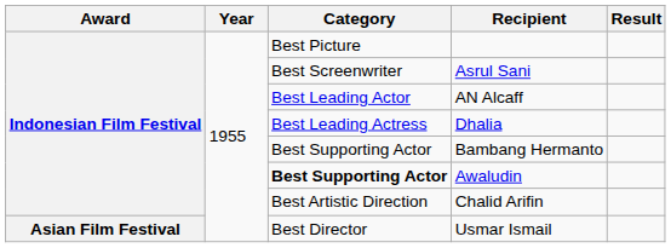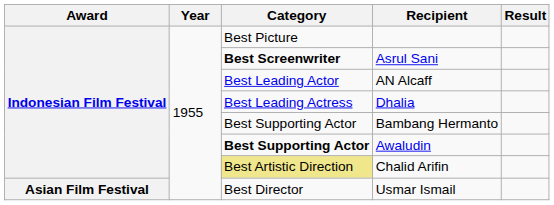 <table class="wikitable" style="font-size: 95%;">
 <tr>
 <th scope="col">Award</th>
 <th scope="col"; width=50>Year</th>
 <th scope="col">Category</th>
 <th scope="col">Recipient</th>
 <th scope="col">Result</th>
 </tr>
 <tr>
 <th scope="row" rowspan="7"><a href='#'>Indonesian Film Festival</a></th>
 <td rowspan="8">1955</td>
 <td>Best Picture</td>
 <td></td>
 <td></td>
 </tr>
 <tr>
-<td>Best Screenwriter</td>
+<td><strong>Best Screenwriter</strong></td>
 <td><a href='#'>Asrul Sani</a></td>
 <td></td>
 </tr>
 <tr>
 <td><a href='#'>Best Leading Actor</a></td>
 <td>AN Alcaff</td>
 <td></td>
 </tr>
 <tr>
 <td><a href='#'>Best Leading Actress</a></td>
 <td><a href='#'>Dhalia</a></td>
 <td></td>
 </tr>
 <tr>
 <td>Best Supporting Actor</td>
 <td>Bambang Hermanto</td>
 <td></td>
 </tr>
 <tr>
 <td><strong>Best Supporting Actor</strong></td>
 <td><a href='#'>Awaludin</a></td>
 <td></td>
 </tr>
 <tr>
-<td>Best Artistic Direction</td>
+<td style="background: khaki;">Best Artistic Direction</td>
 <td>Chalid Arifin</td>
 <td></td>
 </tr>
 <tr>
 <th scope="row">Asian Film Festival</th>
 <td>Best Director</td>
 <td>Usmar Ismail</td>
 <td></td>
 </tr>
 </table>
